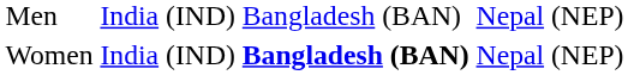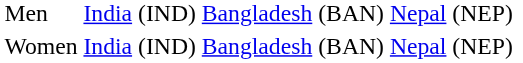 <table>
 <tr>
 <td>Men<br></td>
 <td> <a href='#'>India</a> (IND)</td>
 <td> <a href='#'>Bangladesh</a> (BAN)</td>
 <td> <a href='#'>Nepal</a> (NEP)</td>
 </tr>
 <tr>
 <td>Women<br></td>
 <td> <a href='#'>India</a> (IND)</td>
-<td><strong> <a href='#'>Bangladesh</a> (BAN)</strong></td>
+<td> <a href='#'>Bangladesh</a> (BAN)</td>
 <td> <a href='#'>Nepal</a> (NEP)</td>
 </tr>
 </table>
